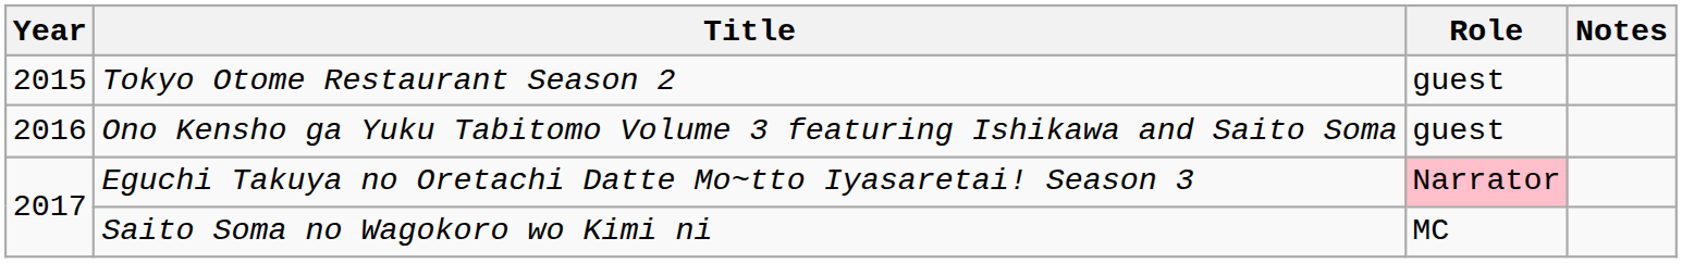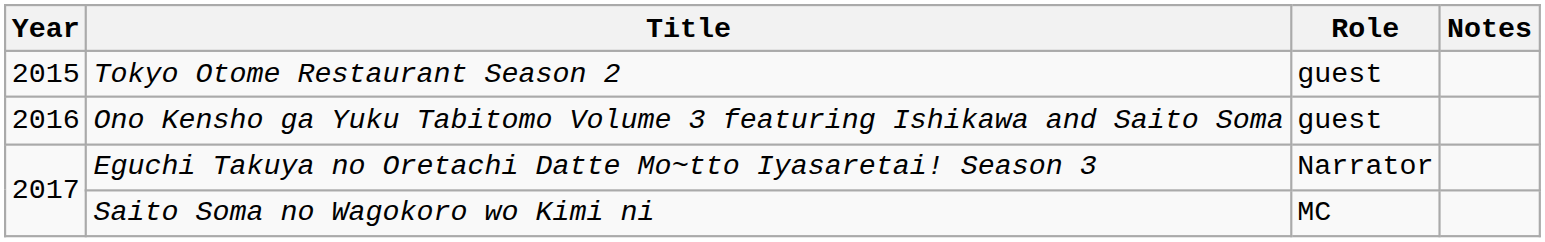 <table class="wikitable">
 <tr>
 <th>Year</th>
 <th>Title</th>
 <th>Role</th>
 <th>Notes</th>
 </tr>
 <tr>
 <td rowspan="1">2015</td>
 <td><em>Tokyo Otome Restaurant Season 2</em></td>
 <td>guest</td>
 <td></td>
 </tr>
 <tr>
 <td rowspan="1">2016</td>
 <td><em>Ono Kensho ga Yuku Tabitomo Volume 3 featuring Ishikawa and Saito Soma</em></td>
 <td>guest</td>
 <td></td>
 </tr>
 <tr>
 <td rowspan="2">2017</td>
 <td><em>Eguchi Takuya no Oretachi Datte Mo~tto Iyasaretai! Season 3</em></td>
-<td style="background: pink;">Narrator</td>
+<td>Narrator</td>
 <td></td>
 </tr>
 <tr>
 <td><em>Saito Soma no Wagokoro wo Kimi ni</em></td>
 <td>MC</td>
 <td></td>
 </tr>
 </table>
